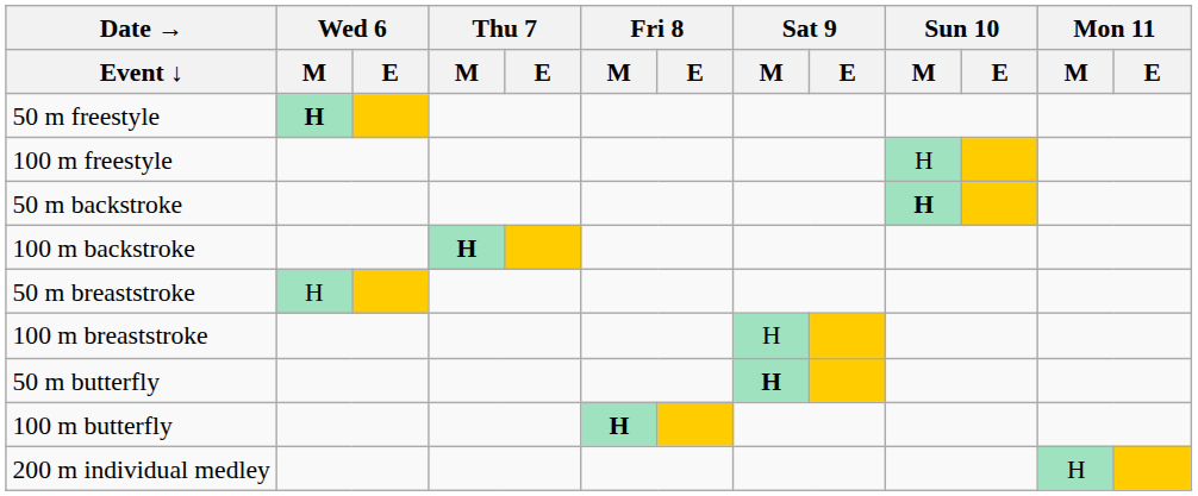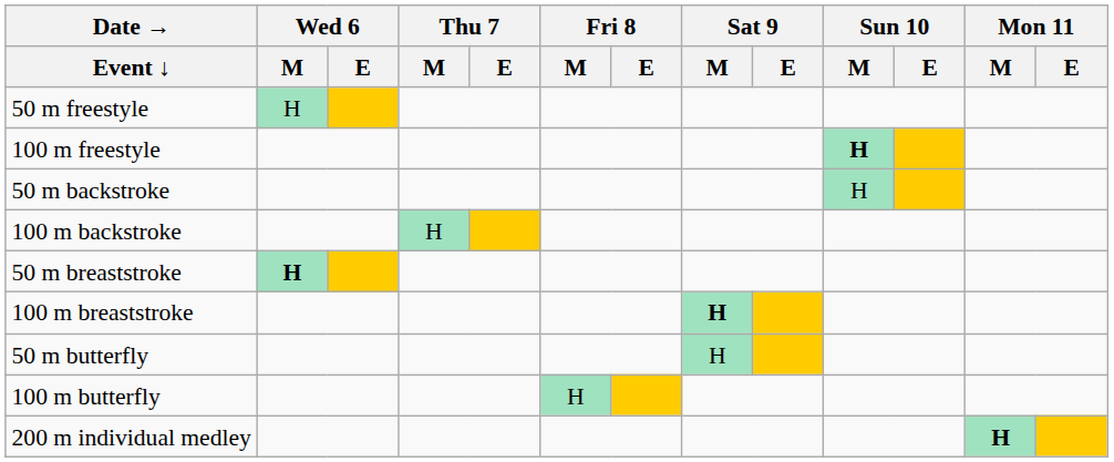 <table class="wikitable" style="margin:0.5em auto; font-size:95%; line-height:1.25em;">
 <tr style="text-align:center;">
 <th>Date →</th>
 <th colspan="2">Wed 6</th>
 <th colspan="2">Thu 7</th>
 <th colspan="2">Fri 8</th>
 <th colspan="2">Sat 9</th>
 <th colspan="2">Sun 10</th>
 <th colspan="2">Mon 11</th>
 </tr>
 <tr>
 <th>Event   ↓</th>
 <th style="width:2.5em;">M</th>
 <th style="width:2.5em;">E</th>
 <th style="width:2.5em;">M</th>
 <th style="width:2.5em;">E</th>
 <th style="width:2.5em;">M</th>
 <th style="width:2.5em;">E</th>
 <th style="width:2.5em;">M</th>
 <th style="width:2.5em;">E</th>
 <th style="width:2.5em;">M</th>
 <th style="width:2.5em;">E</th>
 <th style="width:2.5em;">M</th>
 <th style="width:2.5em;">E</th>
 </tr>
 <tr style="text-align:center;">
 <td style="text-align:left;">50 m freestyle</td>
-<td style="background-color:#9fe2bf;"><strong>H</strong></td>
+<td style="background-color:#9fe2bf;">H</td>
 <td style="background-color:#ffcc00;"></td>
 <td colspan="2"></td>
 <td colspan="2"></td>
 <td colspan="2"></td>
 <td colspan="2"></td>
 <td colspan="2"></td>
 </tr>
 <tr style="text-align:center;">
 <td style="text-align:left;">100 m freestyle</td>
 <td colspan="2"></td>
 <td colspan="2"></td>
 <td colspan="2"></td>
 <td colspan="2"></td>
-<td style="background-color:#9fe2bf;">H</td>
+<td style="background-color:#9fe2bf;"><strong>H</strong></td>
 <td style="background-color:#ffcc00;"></td>
 <td colspan="2"></td>
 </tr>
 <tr style="text-align:center;">
 <td style="text-align:left;">50 m backstroke</td>
 <td colspan="2"></td>
 <td colspan="2"></td>
 <td colspan="2"></td>
 <td colspan="2"></td>
-<td style="background-color:#9fe2bf;"><strong>H</strong></td>
+<td style="background-color:#9fe2bf;">H</td>
 <td style="background-color:#ffcc00;"></td>
 <td colspan="2"></td>
 </tr>
 <tr style="text-align:center;">
 <td style="text-align:left;">100 m backstroke</td>
 <td colspan="2"></td>
-<td style="background-color:#9fe2bf;"><strong>H</strong></td>
+<td style="background-color:#9fe2bf;">H</td>
 <td style="background-color:#ffcc00;"></td>
 <td colspan="2"></td>
 <td colspan="2"></td>
 <td colspan="2"></td>
 <td colspan="2"></td>
 </tr>
 <tr style="text-align:center;">
 <td style="text-align:left;">50 m breaststroke</td>
-<td style="background-color:#9fe2bf;">H</td>
+<td style="background-color:#9fe2bf;"><strong>H</strong></td>
 <td style="background-color:#ffcc00;"></td>
 <td colspan="2"></td>
 <td colspan="2"></td>
 <td colspan="2"></td>
 <td colspan="2"></td>
 <td colspan="2"></td>
 </tr>
 <tr style="text-align:center;">
 <td style="text-align:left;">100 m breaststroke</td>
 <td colspan="2"></td>
 <td colspan="2"></td>
 <td colspan="2"></td>
-<td style="background-color:#9fe2bf;">H</td>
+<td style="background-color:#9fe2bf;"><strong>H</strong></td>
 <td style="background-color:#ffcc00;"></td>
 <td colspan="2"></td>
 <td colspan="2"></td>
 </tr>
 <tr style="text-align:center;">
 <td style="text-align:left;">50 m butterfly</td>
 <td colspan="2"></td>
 <td colspan="2"></td>
 <td colspan="2"></td>
-<td style="background-color:#9fe2bf;"><strong>H</strong></td>
+<td style="background-color:#9fe2bf;">H</td>
 <td style="background-color:#ffcc00;"></td>
 <td colspan="2"></td>
 <td colspan="2"></td>
 </tr>
 <tr style="text-align:center;">
 <td style="text-align:left;">100 m butterfly</td>
 <td colspan="2"></td>
 <td colspan="2"></td>
-<td style="background-color:#9fe2bf;"><strong>H</strong></td>
+<td style="background-color:#9fe2bf;">H</td>
 <td style="background-color:#ffcc00;"></td>
 <td colspan="2"></td>
 <td colspan="2"></td>
 <td colspan="2"></td>
 </tr>
 <tr style="text-align:center;">
 <td style="text-align:left;">200 m individual medley</td>
 <td colspan="2"></td>
 <td colspan="2"></td>
 <td colspan="2"></td>
 <td colspan="2"></td>
 <td colspan="2"></td>
-<td style="background-color:#9fe2bf;">H</td>
+<td style="background-color:#9fe2bf;"><strong>H</strong></td>
 <td style="background-color:#ffcc00;"></td>
 </tr>
 </table>
